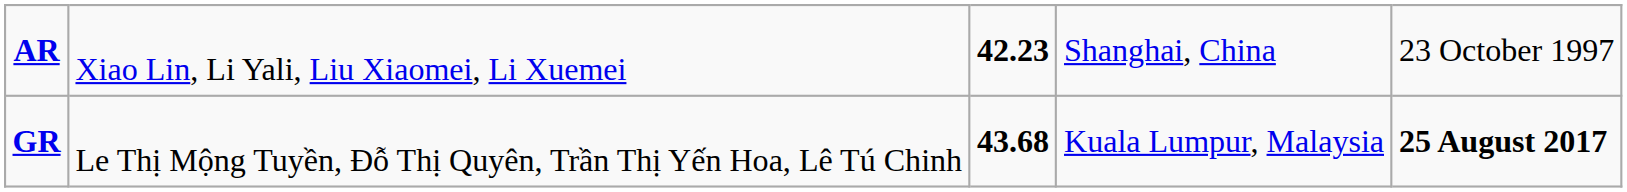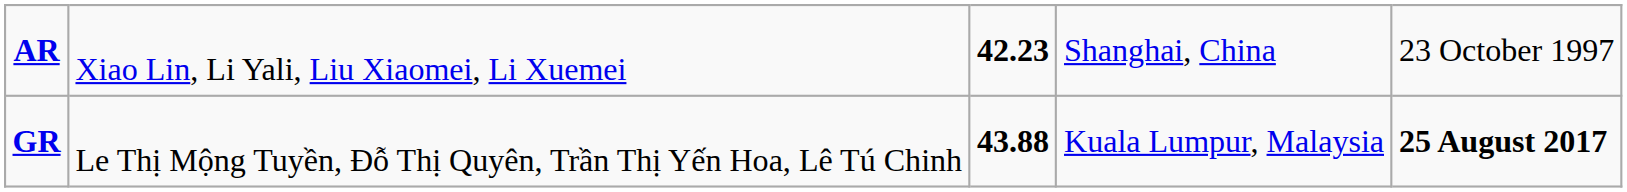 <table class="wikitable" style="font-size:95%; position:relative;">
 <tr>
 <td align=center><strong><a href='#'>AR</a></strong></td>
 <td><br><a href='#'>Xiao Lin</a>, Li Yali, <a href='#'>Liu Xiaomei</a>, <a href='#'>Li Xuemei</a></td>
 <td><strong>42.23</strong></td>
 <td><a href='#'>Shanghai</a>, <a href='#'>China</a></td>
 <td>23 October 1997</td>
 </tr>
 <tr>
 <td align=center><strong><a href='#'>GR</a></strong></td>
 <td><br>Le Thị Mộng Tuyền, Đỗ Thị Quyên, Trần Thị Yến Hoa, Lê Tú Chinh</td>
-<td><strong>43.68</strong></td>
+<td><strong>43.88</strong></td>
 <td><a href='#'>Kuala Lumpur</a>, <a href='#'>Malaysia</a></td>
 <td><strong>25 August 2017</strong></td>
 </tr>
 </table>
